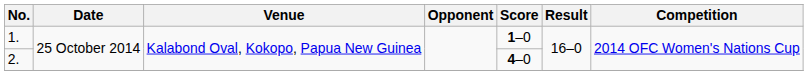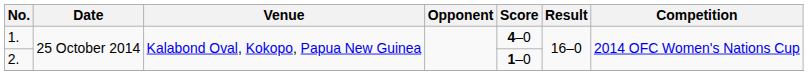 <table class="wikitable">
 <tr>
 <th>No.</th>
 <th>Date</th>
 <th>Venue</th>
 <th>Opponent</th>
 <th>Score</th>
 <th>Result</th>
 <th>Competition</th>
 </tr>
 <tr>
 <td>1.</td>
 <td rowspan=2>25 October 2014</td>
 <td rowspan=2><a href='#'>Kalabond Oval</a>, <a href='#'>Kokopo</a>, <a href='#'>Papua New Guinea</a></td>
 <td rowspan=2></td>
-<td align=center><strong>1</strong>–0</td>
+<td align=center><strong>4</strong>–0</td>
 <td rowspan=2 align=center>16–0</td>
 <td rowspan=2><a href='#'>2014 OFC Women's Nations Cup</a></td>
 </tr>
 <tr>
 <td>2.</td>
-<td align=center><strong>4</strong>–0</td>
+<td align=center><strong>1</strong>–0</td>
 </tr>
 <tr>
 </tr>
 </table>
